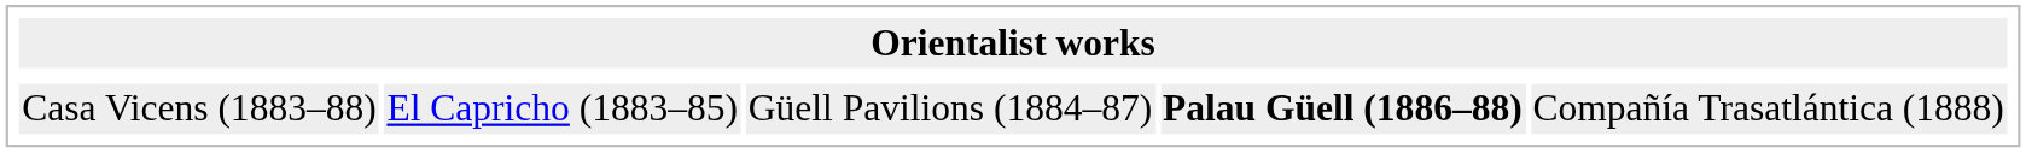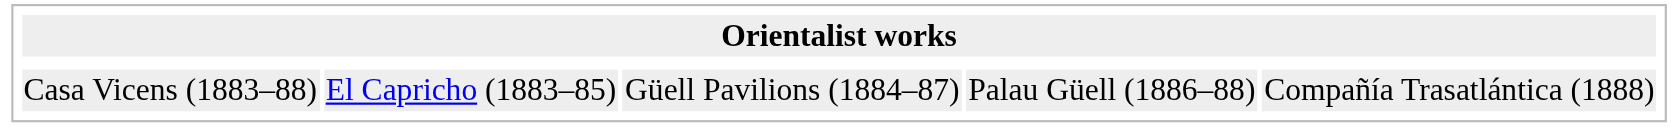 <table style="margin:1em auto; padding:2px; border: 1px solid #BBB; text-align:center; font-size:90%">
 <tr>
 <th colspan="5" style="background:#EEE">Orientalist works</th>
 </tr>
 <tr>
 <td></td>
 <td></td>
 <td></td>
 <td></td>
 <td></td>
 </tr>
 <tr style="background:#EEE">
 <td>Casa Vicens (1883–88)</td>
 <td><a href='#'>El Capricho</a> (1883–85)</td>
 <td>Güell Pavilions (1884–87)</td>
-<td><strong>Palau Güell (1886–88)</strong></td>
+<td>Palau Güell (1886–88)</td>
 <td>Compañía Trasatlántica (1888)</td>
 </tr>
 </table>
